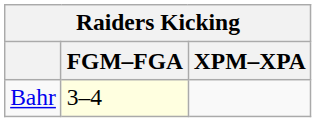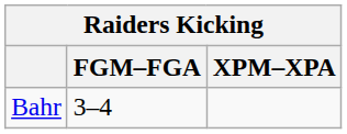 <table class="wikitable">
 <tr>
 <th colspan="3">Raiders Kicking</th>
 </tr>
 <tr>
 <th></th>
 <th>FGM–FGA</th>
 <th>XPM–XPA</th>
 </tr>
 <tr>
 <td><a href='#'>Bahr</a></td>
-<td style="background: lightyellow;">3–4</td>
+<td>3–4</td>
 <td></td>
 </tr>
 </table>
